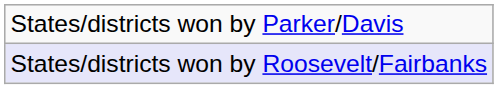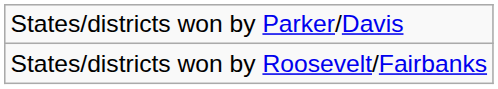 <table class="wikitable">
 <tr>
 <td>States/districts won by <a href='#'>Parker</a>/<a href='#'>Davis</a></td>
 </tr>
 <tr>
-<td style="background: lavender;">States/districts won by <a href='#'>Roosevelt</a>/<a href='#'>Fairbanks</a></td>
+<td>States/districts won by <a href='#'>Roosevelt</a>/<a href='#'>Fairbanks</a></td>
 </tr>
 </table>
